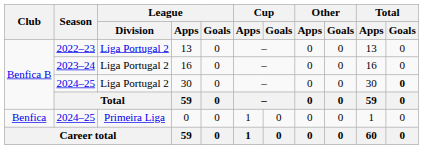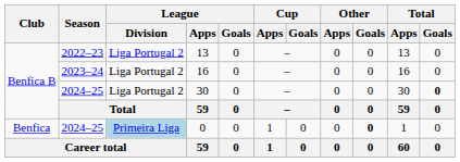 <table class="wikitable" style="text-align:center">
 <tr>
 <th rowspan="2">Club</th>
 <th rowspan="2">Season</th>
 <th colspan="3">League</th>
 <th colspan="2">Cup</th>
 <th colspan="2">Other</th>
 <th colspan="2">Total</th>
 </tr>
 <tr>
 <th>Division</th>
 <th>Apps</th>
 <th>Goals</th>
 <th>Apps</th>
 <th>Goals</th>
 <th>Apps</th>
 <th>Goals</th>
 <th>Apps</th>
 <th>Goals</th>
 </tr>
 <tr>
 <td rowspan="4"><a href='#'>Benfica B</a></td>
 <td><a href='#'>2022–23</a></td>
 <td><a href='#'>Liga Portugal 2</a></td>
 <td>13</td>
 <td>0</td>
 <td colspan="2">–</td>
 <td>0</td>
 <td>0</td>
 <td>13</td>
 <td>0</td>
 </tr>
 <tr>
 <td><a href='#'>2023–24</a></td>
 <td>Liga Portugal 2</td>
 <td>16</td>
 <td>0</td>
 <td colspan="2">–</td>
 <td>0</td>
 <td>0</td>
 <td>16</td>
 <td>0</td>
 </tr>
 <tr>
 <td><a href='#'>2024–25</a></td>
 <td>Liga Portugal 2</td>
 <td>30</td>
 <td>0</td>
 <td colspan="2">–</td>
 <td>0</td>
 <td>0</td>
 <td>30</td>
 <td><strong>0</strong></td>
 </tr>
 <tr>
 <th colspan="2">Total</th>
 <th>59</th>
 <th>0</th>
 <th colspan="2">–</th>
 <th>0</th>
 <th>0</th>
 <th>59</th>
 <th>0</th>
 </tr>
 <tr>
 <td><a href='#'>Benfica</a></td>
 <td><a href='#'>2024–25</a></td>
-<td><a href='#'>Primeira Liga</a></td>
+<td style="background: lightblue;"><a href='#'>Primeira Liga</a></td>
 <td>0</td>
 <td>0</td>
 <td>1</td>
 <td>0</td>
 <td>0</td>
-<td>0</td>
+<td><strong>0</strong></td>
 <td>1</td>
 <td>0</td>
 </tr>
 <tr>
 <th colspan="3"><strong>Career total</strong></th>
 <th>59</th>
 <th>0</th>
 <th>1</th>
 <th>0</th>
 <th>0</th>
 <th>0</th>
 <th>60</th>
 <th>0</th>
 </tr>
 </table>
